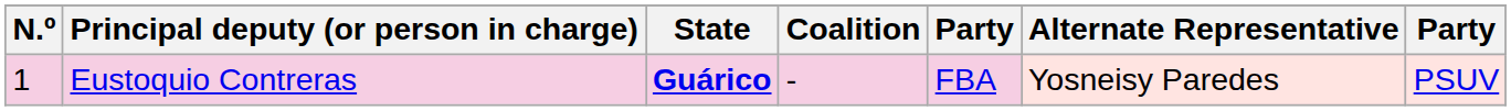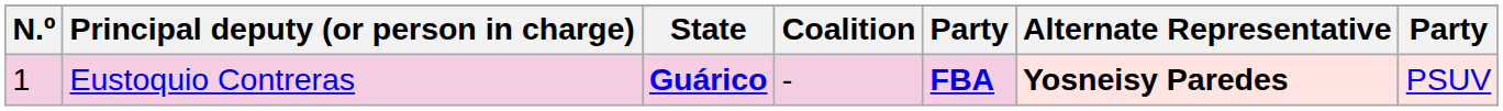 <table class=" wikitable">
 <tr>
 </tr>
 <tr>
 <th>N.º</th>
 <th>Principal deputy (or person in charge)</th>
 <th>State</th>
 <th>Coalition</th>
 <th>Party</th>
 <th>Alternate Representative</th>
 <th>Party</th>
 </tr>
 <tr bgcolor="#F6CEE3">
 <td>1</td>
 <td><a href='#'>Eustoquio Contreras</a></td>
 <td><strong><a href='#'>Guárico</a></strong></td>
 <td>-</td>
-<td><a href='#'>FBA</a></td>
-<td style="background:MistyRose;">Yosneisy Paredes</td>
+<td><strong><a href='#'>FBA</a></strong></td>
+<td style="background:MistyRose;"><strong>Yosneisy Paredes</strong></td>
 <td style="background:MistyRose;"><a href='#'>PSUV</a></td>
 </tr>
 </table>
